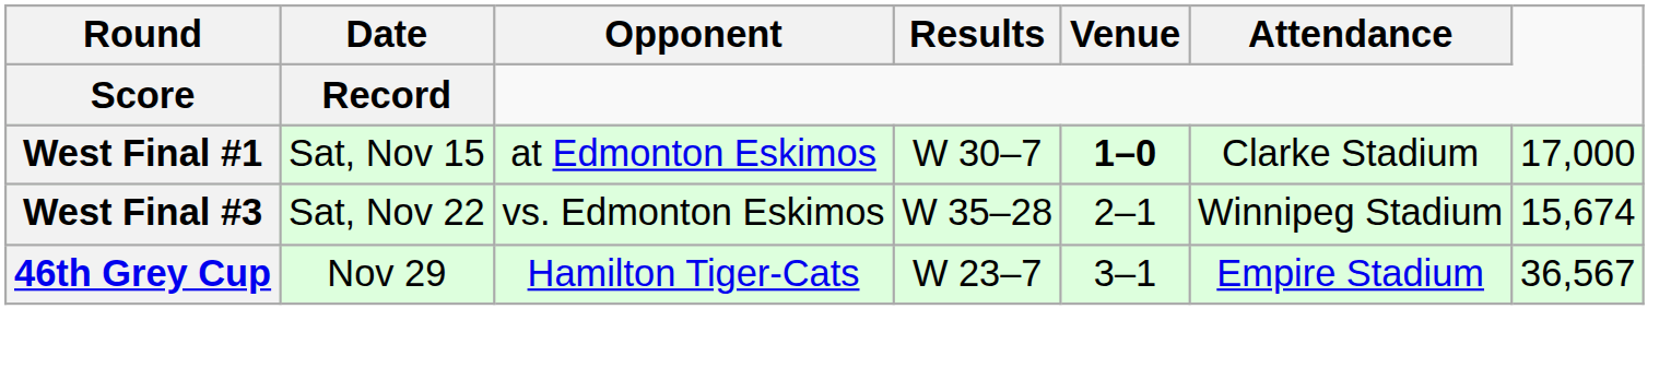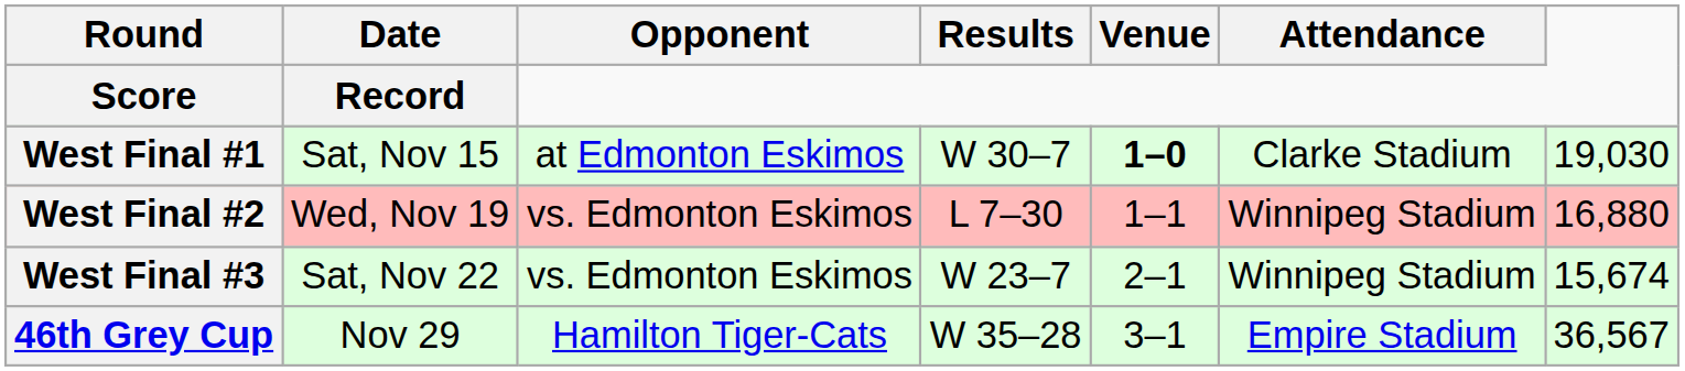 <table class="wikitable" style="text-align:center">
 <tr>
 <th>Round</th>
 <th>Date</th>
 <th>Opponent</th>
 <th>Results</th>
 <th>Venue</th>
 <th>Attendance</th>
 </tr>
 <tr>
 <th>Score</th>
 <th>Record</th>
 </tr>
 <tr style="background:#ddffdd">
 <th>West Final #1</th>
 <td>Sat, Nov 15</td>
 <td>at <a href='#'>Edmonton Eskimos</a></td>
 <td>W 30–7</td>
 <td><strong>1–0</strong></td>
 <td>Clarke Stadium</td>
-<td>17,000</td>
+<td>19,030</td>
+</tr>
+<tr style="background:#ffbbbb">
+<th>West Final #2</th>
+<td>Wed, Nov 19</td>
+<td>vs. Edmonton Eskimos</td>
+<td>L 7–30</td>
+<td>1–1</td>
+<td>Winnipeg Stadium</td>
+<td>16,880</td>
 </tr>
 <tr style="background:#ddffdd">
 <th>West Final #3</th>
 <td>Sat, Nov 22</td>
 <td>vs. Edmonton Eskimos</td>
-<td>W 35–28</td>
+<td>W 23–7</td>
 <td>2–1</td>
 <td>Winnipeg Stadium</td>
 <td>15,674</td>
 </tr>
 <tr style="background:#ddffdd">
 <th><a href='#'>46th Grey Cup</a></th>
 <td>Nov 29</td>
 <td><a href='#'>Hamilton Tiger-Cats</a></td>
-<td>W 23–7</td>
+<td>W 35–28</td>
 <td>3–1</td>
 <td><a href='#'>Empire Stadium</a></td>
 <td>36,567</td>
 </tr>
 </table>
